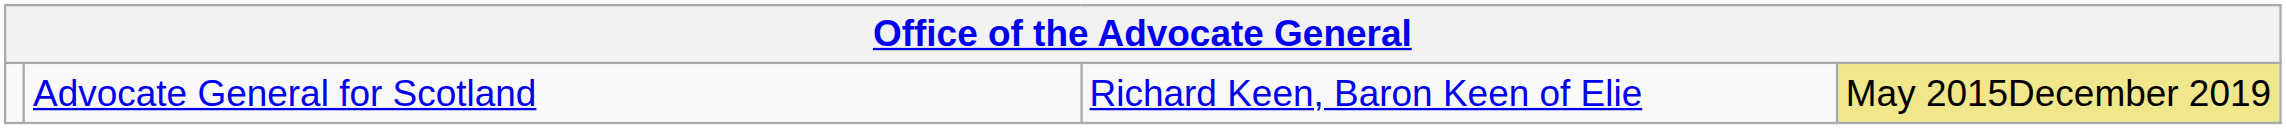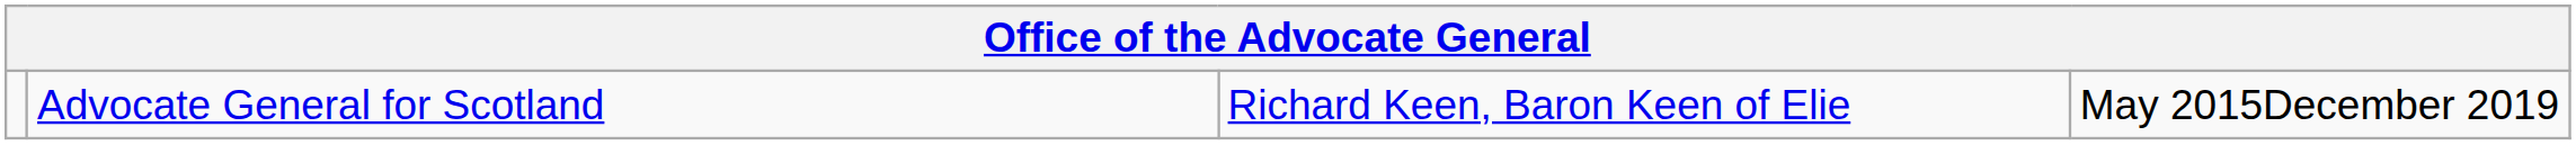 <table class="wikitable">
 <tr>
 <th colspan="4"><a href='#'>Office of the Advocate General</a></th>
 </tr>
 <tr>
 <td style="width: 1px; background: "></td>
 <td style="width: 450px;"><a href='#'>Advocate General for Scotland</a></td>
 <td style="width: 320px;"><a href='#'>Richard Keen, Baron Keen of Elie</a></td>
-<td style="background: khaki;">May 2015December 2019</td>
+<td>May 2015December 2019</td>
 </tr>
 </table>
